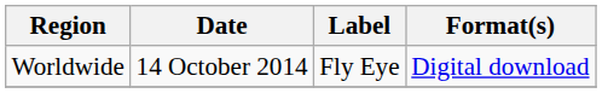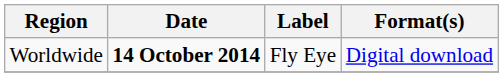 <table class="wikitable plainrowheaders">
 <tr>
 <th scope="col">Region</th>
 <th scope="col">Date</th>
 <th scope="col">Label</th>
 <th scope="col">Format(s)</th>
 </tr>
 <tr>
 <td rowspan="1">Worldwide</td>
-<td>14 October 2014</td>
+<td><strong>14 October 2014</strong></td>
 <td rowspan="1">Fly Eye</td>
 <td><a href='#'>Digital download</a></td>
 </tr>
 <tr>
 </tr>
 </table>
